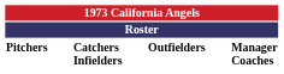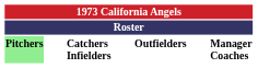 <table class="toccolours" style="font-size: 95%;">
 <tr>
 <th colspan="10" style="background-color: #CE2029; color: white; text-align: center;">1973 California Angels</th>
 </tr>
 <tr>
 <td colspan="10" style="background-color:#333366; color: white; text-align: center;"><strong>Roster</strong></td>
 </tr>
 <tr>
-<td valign="top"><strong>Pitchers</strong><br>             </td>
+<td valign="top" style="background: lightgreen;"><strong>Pitchers</strong><br>             </td>
 <td width="25px"></td>
 <td valign="top"><strong>Catchers</strong><br>     <strong>Infielders</strong>            </td>
 <td width="25px"></td>
 <td valign="top"><strong>Outfielders</strong><br>        </td>
 <td width="25px"></td>
 <td valign="top"><strong>Manager</strong><br> <strong>Coaches</strong>    </td>
 </tr>
 </table>
